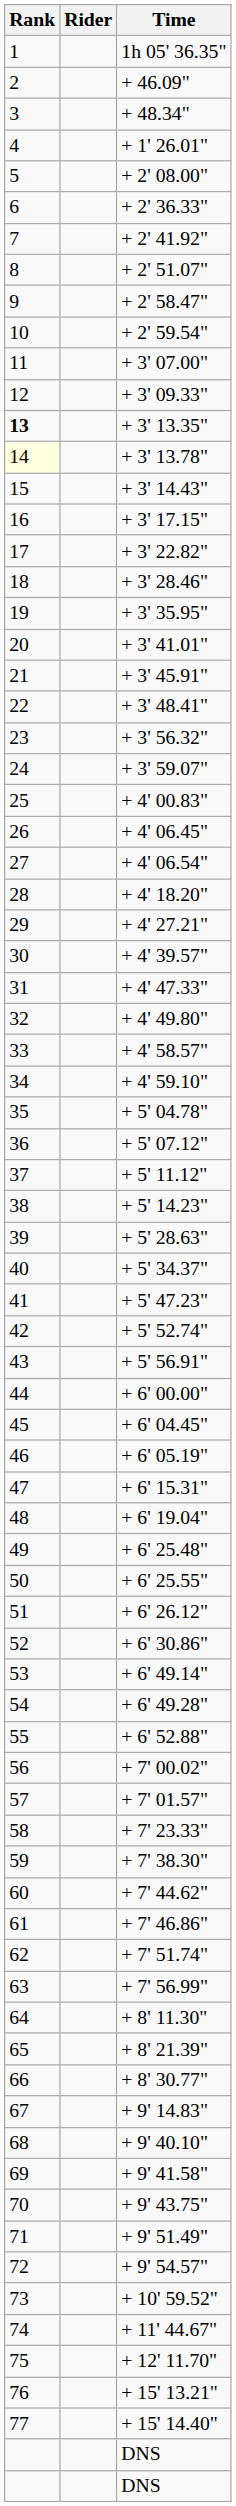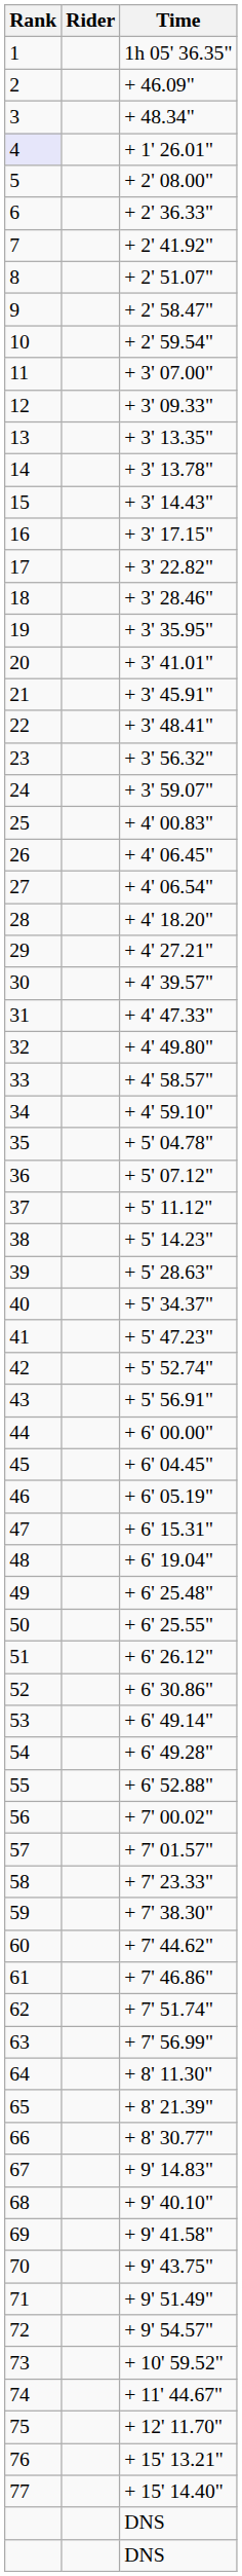 <table class="wikitable">
 <tr>
 <th>Rank</th>
 <th>Rider</th>
 <th>Time</th>
 </tr>
 <tr>
 <td>1</td>
 <td></td>
 <td>1h 05' 36.35"</td>
 </tr>
 <tr>
 <td>2</td>
 <td></td>
 <td>+ 46.09"</td>
 </tr>
 <tr>
 <td>3</td>
 <td></td>
 <td>+ 48.34"</td>
 </tr>
 <tr>
-<td>4</td>
+<td style="background: lavender;">4</td>
 <td></td>
 <td>+ 1' 26.01"</td>
 </tr>
 <tr>
 <td>5</td>
 <td></td>
 <td>+ 2' 08.00"</td>
 </tr>
 <tr>
 <td>6</td>
 <td></td>
 <td>+ 2' 36.33"</td>
 </tr>
 <tr>
 <td>7</td>
 <td></td>
 <td>+ 2' 41.92"</td>
 </tr>
 <tr>
 <td>8</td>
 <td></td>
 <td>+ 2' 51.07"</td>
 </tr>
 <tr>
 <td>9</td>
 <td></td>
 <td>+ 2' 58.47"</td>
 </tr>
 <tr>
 <td>10</td>
 <td></td>
 <td>+ 2' 59.54"</td>
 </tr>
 <tr>
 <td>11</td>
 <td></td>
 <td>+ 3' 07.00"</td>
 </tr>
 <tr>
 <td>12</td>
 <td></td>
 <td>+ 3' 09.33"</td>
 </tr>
 <tr>
-<td><strong>13</strong></td>
+<td>13</td>
 <td></td>
 <td>+ 3' 13.35"</td>
 </tr>
 <tr>
-<td style="background: lightyellow;">14</td>
+<td>14</td>
 <td></td>
 <td>+ 3' 13.78"</td>
 </tr>
 <tr>
 <td>15</td>
 <td></td>
 <td>+ 3' 14.43"</td>
 </tr>
 <tr>
 <td>16</td>
 <td></td>
 <td>+ 3' 17.15"</td>
 </tr>
 <tr>
 <td>17</td>
 <td></td>
 <td>+ 3' 22.82"</td>
 </tr>
 <tr>
 <td>18</td>
 <td></td>
 <td>+ 3' 28.46"</td>
 </tr>
 <tr>
 <td>19</td>
 <td></td>
 <td>+ 3' 35.95"</td>
 </tr>
 <tr>
 <td>20</td>
 <td></td>
 <td>+ 3' 41.01"</td>
 </tr>
 <tr>
 <td>21</td>
 <td></td>
 <td>+ 3' 45.91"</td>
 </tr>
 <tr>
 <td>22</td>
 <td></td>
 <td>+ 3' 48.41"</td>
 </tr>
 <tr>
 <td>23</td>
 <td></td>
 <td>+ 3' 56.32"</td>
 </tr>
 <tr>
 <td>24</td>
 <td></td>
 <td>+ 3' 59.07"</td>
 </tr>
 <tr>
 <td>25</td>
 <td></td>
 <td>+ 4' 00.83"</td>
 </tr>
 <tr>
 <td>26</td>
 <td></td>
 <td>+ 4' 06.45"</td>
 </tr>
 <tr>
 <td>27</td>
 <td></td>
 <td>+ 4' 06.54"</td>
 </tr>
 <tr>
 <td>28</td>
 <td></td>
 <td>+ 4' 18.20"</td>
 </tr>
 <tr>
 <td>29</td>
 <td></td>
 <td>+ 4' 27.21"</td>
 </tr>
 <tr>
 <td>30</td>
 <td></td>
 <td>+ 4' 39.57"</td>
 </tr>
 <tr>
 <td>31</td>
 <td></td>
 <td>+ 4' 47.33"</td>
 </tr>
 <tr>
 <td>32</td>
 <td></td>
 <td>+ 4' 49.80"</td>
 </tr>
 <tr>
 <td>33</td>
 <td></td>
 <td>+ 4' 58.57"</td>
 </tr>
 <tr>
 <td>34</td>
 <td></td>
 <td>+ 4' 59.10"</td>
 </tr>
 <tr>
 <td>35</td>
 <td></td>
 <td>+ 5' 04.78"</td>
 </tr>
 <tr>
 <td>36</td>
 <td></td>
 <td>+ 5' 07.12"</td>
 </tr>
 <tr>
 <td>37</td>
 <td></td>
 <td>+ 5' 11.12"</td>
 </tr>
 <tr>
 <td>38</td>
 <td></td>
 <td>+ 5' 14.23"</td>
 </tr>
 <tr>
 <td>39</td>
 <td></td>
 <td>+ 5' 28.63"</td>
 </tr>
 <tr>
 <td>40</td>
 <td></td>
 <td>+ 5' 34.37"</td>
 </tr>
 <tr>
 <td>41</td>
 <td></td>
 <td>+ 5' 47.23"</td>
 </tr>
 <tr>
 <td>42</td>
 <td></td>
 <td>+ 5' 52.74"</td>
 </tr>
 <tr>
 <td>43</td>
 <td></td>
 <td>+ 5' 56.91"</td>
 </tr>
 <tr>
 <td>44</td>
 <td></td>
 <td>+ 6' 00.00"</td>
 </tr>
 <tr>
 <td>45</td>
 <td></td>
 <td>+ 6' 04.45"</td>
 </tr>
 <tr>
 <td>46</td>
 <td></td>
 <td>+ 6' 05.19"</td>
 </tr>
 <tr>
 <td>47</td>
 <td></td>
 <td>+ 6' 15.31"</td>
 </tr>
 <tr>
 <td>48</td>
 <td></td>
 <td>+ 6' 19.04"</td>
 </tr>
 <tr>
 <td>49</td>
 <td></td>
 <td>+ 6' 25.48"</td>
 </tr>
 <tr>
 <td>50</td>
 <td></td>
 <td>+ 6' 25.55"</td>
 </tr>
 <tr>
 <td>51</td>
 <td></td>
 <td>+ 6' 26.12"</td>
 </tr>
 <tr>
 <td>52</td>
 <td></td>
 <td>+ 6' 30.86"</td>
 </tr>
 <tr>
 <td>53</td>
 <td></td>
 <td>+ 6' 49.14"</td>
 </tr>
 <tr>
 <td>54</td>
 <td></td>
 <td>+ 6' 49.28"</td>
 </tr>
 <tr>
 <td>55</td>
 <td></td>
 <td>+ 6' 52.88"</td>
 </tr>
 <tr>
 <td>56</td>
 <td></td>
 <td>+ 7' 00.02"</td>
 </tr>
 <tr>
 <td>57</td>
 <td></td>
 <td>+ 7' 01.57"</td>
 </tr>
 <tr>
 <td>58</td>
 <td></td>
 <td>+ 7' 23.33"</td>
 </tr>
 <tr>
 <td>59</td>
 <td></td>
 <td>+ 7' 38.30"</td>
 </tr>
 <tr>
 <td>60</td>
 <td></td>
 <td>+ 7' 44.62"</td>
 </tr>
 <tr>
 <td>61</td>
 <td></td>
 <td>+ 7' 46.86"</td>
 </tr>
 <tr>
 <td>62</td>
 <td></td>
 <td>+ 7' 51.74"</td>
 </tr>
 <tr>
 <td>63</td>
 <td></td>
 <td>+ 7' 56.99"</td>
 </tr>
 <tr>
 <td>64</td>
 <td></td>
 <td>+ 8' 11.30"</td>
 </tr>
 <tr>
 <td>65</td>
 <td></td>
 <td>+ 8' 21.39"</td>
 </tr>
 <tr>
 <td>66</td>
 <td></td>
 <td>+ 8' 30.77"</td>
 </tr>
 <tr>
 <td>67</td>
 <td></td>
 <td>+ 9' 14.83"</td>
 </tr>
 <tr>
 <td>68</td>
 <td></td>
 <td>+ 9' 40.10"</td>
 </tr>
 <tr>
 <td>69</td>
 <td></td>
 <td>+ 9' 41.58"</td>
 </tr>
 <tr>
 <td>70</td>
 <td></td>
 <td>+ 9' 43.75"</td>
 </tr>
 <tr>
 <td>71</td>
 <td></td>
 <td>+ 9' 51.49"</td>
 </tr>
 <tr>
 <td>72</td>
 <td></td>
 <td>+ 9' 54.57"</td>
 </tr>
 <tr>
 <td>73</td>
 <td></td>
 <td>+ 10' 59.52"</td>
 </tr>
 <tr>
 <td>74</td>
 <td></td>
 <td>+ 11' 44.67"</td>
 </tr>
 <tr>
 <td>75</td>
 <td></td>
 <td>+ 12' 11.70"</td>
 </tr>
 <tr>
 <td>76</td>
 <td></td>
 <td>+ 15' 13.21"</td>
 </tr>
 <tr>
 <td>77</td>
 <td></td>
 <td>+ 15' 14.40"</td>
 </tr>
 <tr>
 <td></td>
 <td></td>
 <td>DNS</td>
 </tr>
 <tr>
 <td></td>
 <td></td>
 <td>DNS</td>
 </tr>
 </table>
